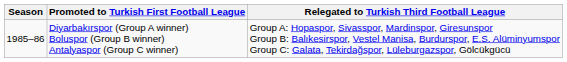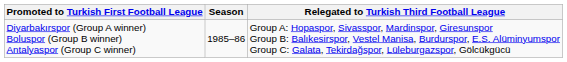 <table class="wikitable">
 <tr>
+<th>Promoted to <a href='#'>Turkish First Football League</a></th>
 <th>Season</th>
-<th>Promoted to <a href='#'>Turkish First Football League</a></th>
 <th>Relegated to <a href='#'>Turkish Third Football League</a></th>
 </tr>
 <tr>
+<td><a href='#'>Diyarbakırspor</a> (Group A winner)<br><a href='#'>Boluspor</a> (Group B winner)<br><a href='#'>Antalyaspor</a> (Group C winner)</td>
 <td>1985–86</td>
-<td><a href='#'>Diyarbakırspor</a> (Group A winner)<br><a href='#'>Boluspor</a> (Group B winner)<br><a href='#'>Antalyaspor</a> (Group C winner)</td>
 <td>Group A: <a href='#'>Hopaspor</a>, <a href='#'>Sivasspor</a>, <a href='#'>Mardinspor</a>, <a href='#'>Giresunspor</a><br>Group B: <a href='#'>Balıkesirspor</a>, <a href='#'>Vestel Manisa</a>, <a href='#'>Burdurspor</a>, <a href='#'>E.S. Alüminyumspor</a><br>Group C: <a href='#'>Galata</a>, <a href='#'>Tekirdağspor</a>, <a href='#'>Lüleburgazspor</a>, Gölcükgücü</td>
 </tr>
 </table>
